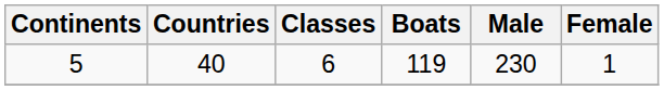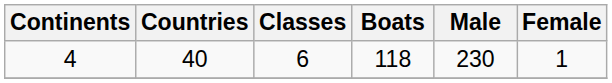 <table class="wikitable">
 <tr>
 <th width=50>Continents</th>
 <th width=50>Countries</th>
 <th width=50>Classes</th>
 <th width=50>Boats</th>
 <th width=50>Male</th>
 <th width=50>Female</th>
 </tr>
 <tr>
-<td align="center">5</td>
+<td align="center">4</td>
 <td align="center">40</td>
 <td align="center">6</td>
-<td align="center">119</td>
+<td align="center">118</td>
 <td align="center">230</td>
 <td align="center">1</td>
 </tr>
 <tr>
 </tr>
 </table>
